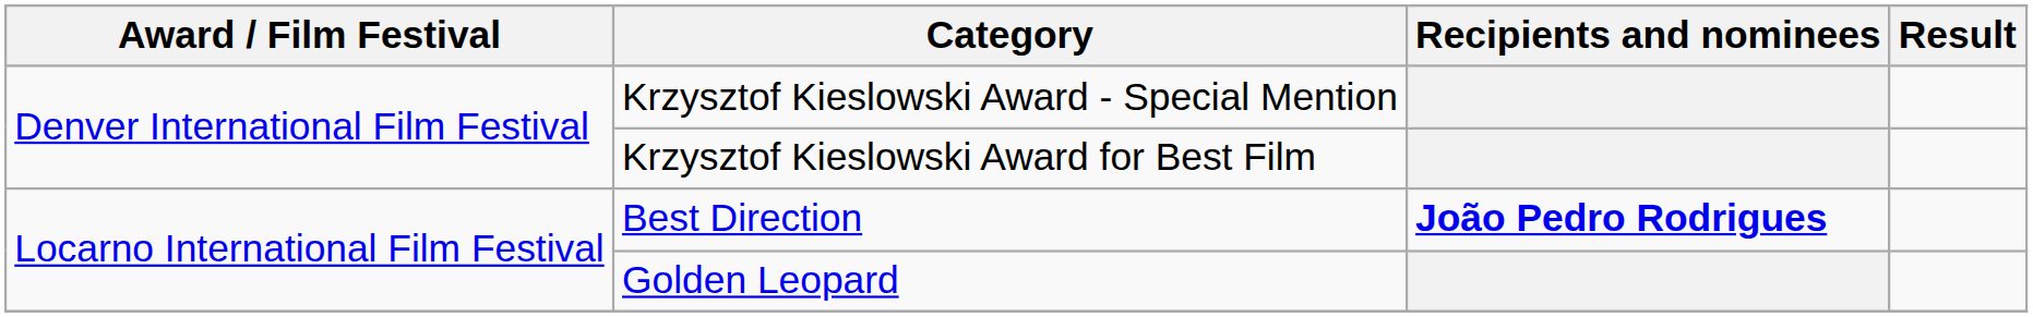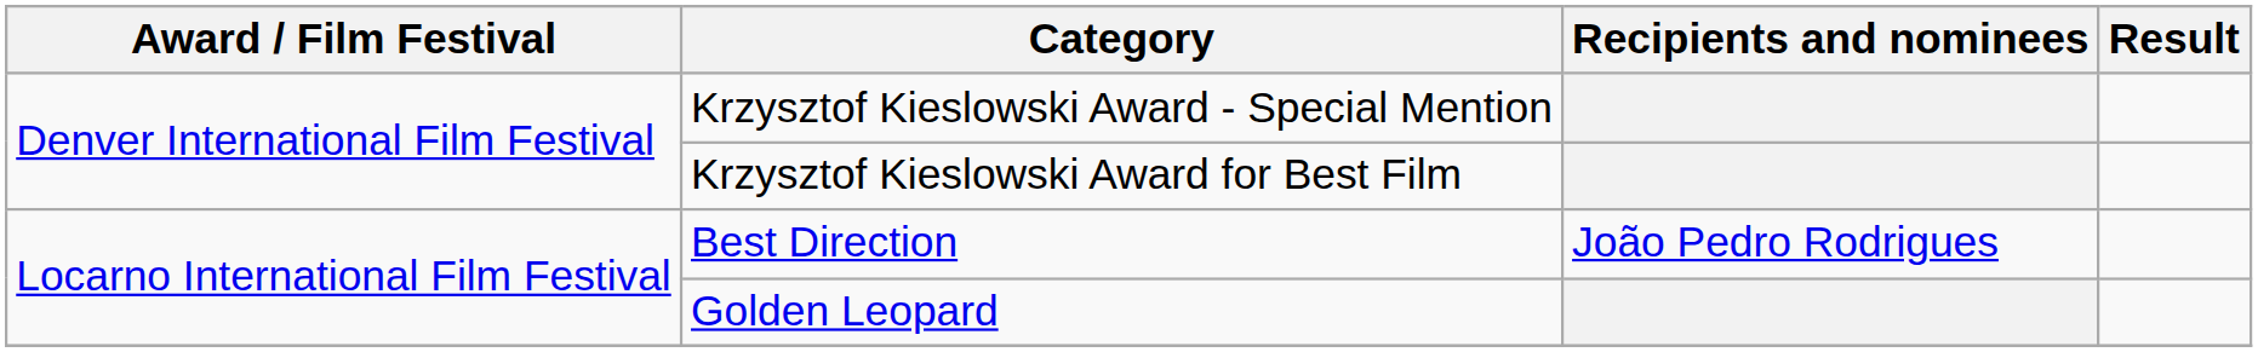 <table class="wikitable plainrowheaders sortable">
 <tr style="background:#ccc; text-align:center;">
 <th scope="col">Award / Film Festival</th>
 <th scope="col">Category</th>
 <th scope="col">Recipients and nominees</th>
 <th scope="col">Result</th>
 </tr>
 <tr>
 <td rowspan=2><a href='#'>Denver International Film Festival</a></td>
 <td>Krzysztof Kieslowski Award - Special Mention</td>
 <th></th>
 <td></td>
 </tr>
 <tr>
 <td>Krzysztof Kieslowski Award for Best Film</td>
 <th></th>
 <td></td>
 </tr>
 <tr>
 <td rowspan=2><a href='#'>Locarno International Film Festival</a></td>
 <td><a href='#'>Best Direction</a></td>
-<td><strong><a href='#'>João Pedro Rodrigues</a></strong></td>
+<td><a href='#'>João Pedro Rodrigues</a></td>
 <td></td>
 </tr>
 <tr>
 <td><a href='#'>Golden Leopard</a></td>
 <th></th>
 <td></td>
 </tr>
 <tr>
 </tr>
 </table>
